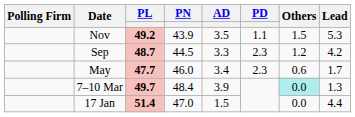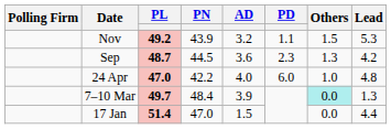 <table class="wikitable sortable" style="text-align:center;font-size:90%;line-height:14px;">
 <tr>
 <th rowspan="2">Polling Firm</th>
 <th rowspan="2">Date</th>
 <th style="width:40px;"><a href='#'>PL</a></th>
 <th style="width:40px;"><a href='#'>PN</a></th>
 <th style="width:40px;"><a href='#'>AD</a></th>
 <th style="width:40px;"><a href='#'>PD</a></th>
 <th style="width:40px;" rowspan="2">Others</th>
 <th style="width:30px;" rowspan="2">Lead</th>
 </tr>
 <tr>
 <th style="background:"></th>
 <th style="background:"></th>
 <th style="background:"></th>
 <th style="background:"></th>
 </tr>
 <tr>
 <td></td>
 <td>Nov</td>
 <td style="background:#F8C1BE"><strong>49.2</strong></td>
 <td>43.9</td>
-<td>3.5</td>
+<td>3.2</td>
 <td>1.1</td>
 <td>1.5</td>
 <td style="background:">5.3</td>
 </tr>
 <tr>
 <td></td>
 <td>Sep</td>
 <td style="background:#F8C1BE"><strong>48.7</strong></td>
 <td>44.5</td>
-<td>3.3</td>
+<td>3.6</td>
 <td>2.3</td>
-<td>1.2</td>
+<td>1.3</td>
 <td style="background:">4.2</td>
 </tr>
 <tr>
 <td></td>
-<td>May</td>
-<td style="background:#F8C1BE"><strong>47.7</strong></td>
-<td>46.0</td>
-<td>3.4</td>
-<td>2.3</td>
-<td>0.6</td>
-<td style="background:">1.7</td>
+<td>24 Apr</td>
+<td style="background:#F8C1BE"><strong>47.0</strong></td>
+<td>42.2</td>
+<td>4.0</td>
+<td>6.0</td>
+<td>1.0</td>
+<td style="background:">4.8</td>
 </tr>
 <tr>
 <td></td>
 <td>7–10 Mar</td>
 <td style="background:#F8C1BE"><strong>49.7</strong></td>
 <td>48.4</td>
 <td>3.9</td>
 <td rowspan="2"></td>
 <td style="background: paleturquoise;">0.0</td>
 <td style="background:">1.3</td>
 </tr>
 <tr>
 <td></td>
 <td>17 Jan</td>
 <td style="background:#F8C1BE"><strong>51.4</strong></td>
 <td>47.0</td>
 <td>1.5</td>
 <td>0.0</td>
 <td style="background:">4.4</td>
 </tr>
 </table>
